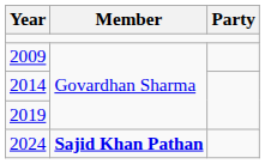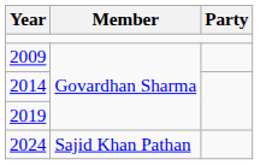 <table class = wikitable>
 <tr>
 <th>Year</th>
 <th>Member</th>
 <th colspan=2>Party</th>
 </tr>
 <tr>
 <td colspan=4></td>
 </tr>
 <tr>
 <td><a href='#'>2009</a></td>
 <td rowspan=3><a href='#'>Govardhan Sharma</a></td>
 <td></td>
 </tr>
 <tr>
 <td><a href='#'>2014</a></td>
 </tr>
 <tr>
 <td><a href='#'>2019</a></td>
 </tr>
 <tr>
 <td><a href='#'>2024</a></td>
-<td><strong><a href='#'>Sajid Khan Pathan</a></strong></td>
+<td><a href='#'>Sajid Khan Pathan</a></td>
 <td></td>
 </tr>
 </table>
